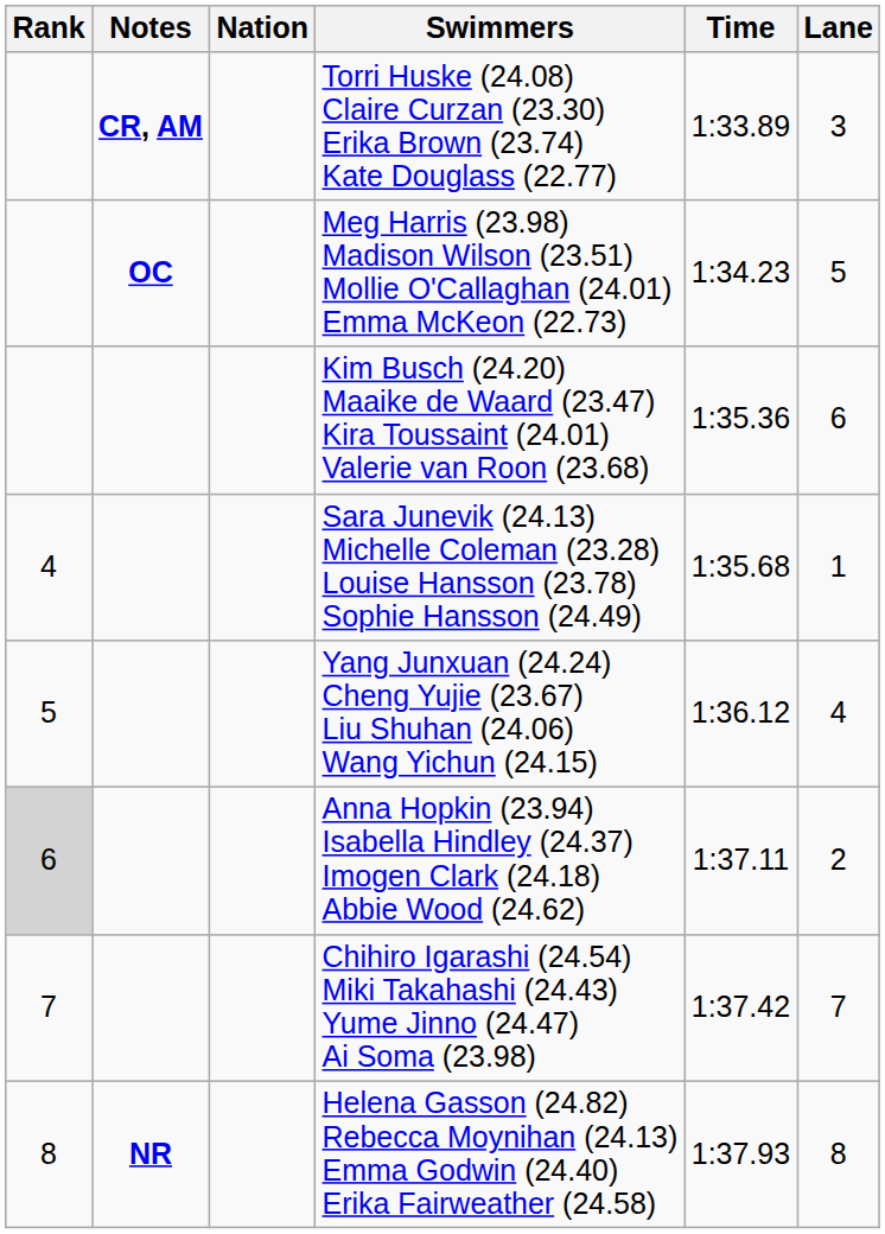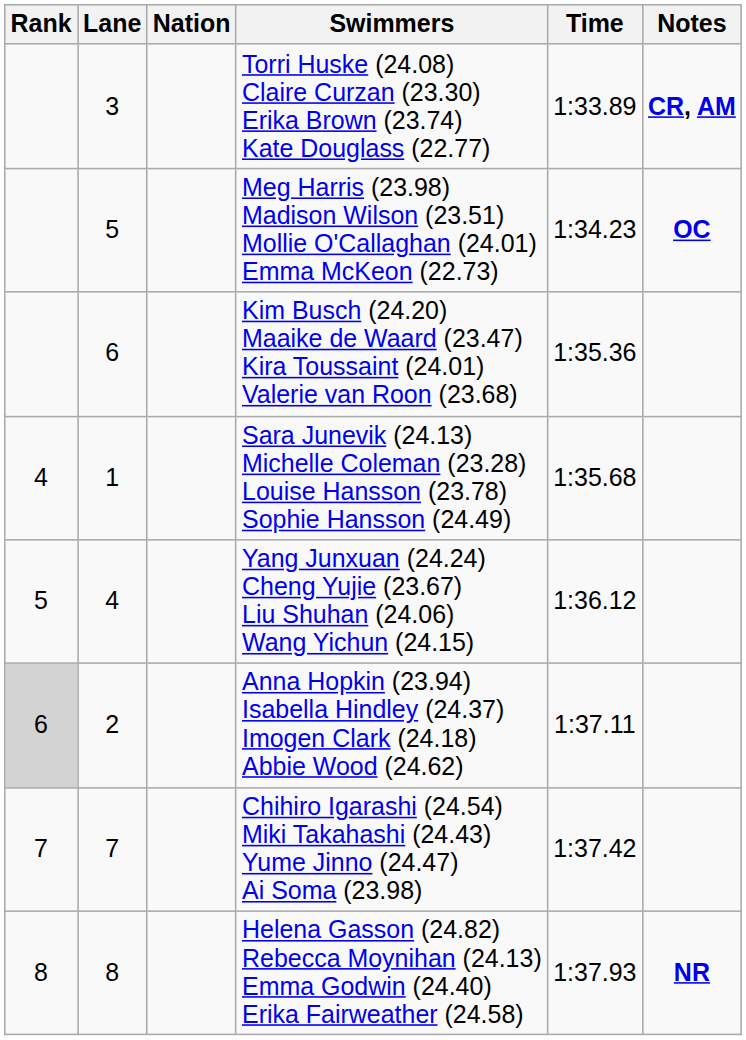 <table class="wikitable sortable" style="text-align:center">
 <tr>
 <th>Rank</th>
-<th>Notes</th>
+<th>Lane</th>
 <th>Nation</th>
 <th>Swimmers</th>
 <th>Time</th>
-<th>Lane</th>
+<th>Notes</th>
 </tr>
 <tr>
 <td></td>
-<td><strong><a href='#'>CR</a>, <a href='#'>AM</a></strong></td>
+<td>3</td>
 <td align=left></td>
 <td align=left><a href='#'>Torri Huske</a> (24.08)<br><a href='#'>Claire Curzan</a> (23.30)<br><a href='#'>Erika Brown</a> (23.74)<br><a href='#'>Kate Douglass</a> (22.77)</td>
 <td>1:33.89</td>
-<td>3</td>
+<td><strong><a href='#'>CR</a>, <a href='#'>AM</a></strong></td>
 </tr>
 <tr>
 <td></td>
-<td><strong><a href='#'>OC</a></strong></td>
+<td>5</td>
 <td align=left></td>
 <td align=left><a href='#'>Meg Harris</a> (23.98)<br><a href='#'>Madison Wilson</a> (23.51)<br><a href='#'>Mollie O'Callaghan</a> (24.01)<br><a href='#'>Emma McKeon</a> (22.73)</td>
 <td>1:34.23</td>
-<td>5</td>
+<td><strong><a href='#'>OC</a></strong></td>
 </tr>
 <tr>
 <td></td>
-<td></td>
+<td>6</td>
 <td align=left></td>
 <td align=left><a href='#'>Kim Busch</a> (24.20)<br><a href='#'>Maaike de Waard</a> (23.47)<br><a href='#'>Kira Toussaint</a> (24.01)<br><a href='#'>Valerie van Roon</a> (23.68)</td>
 <td>1:35.36</td>
-<td>6</td>
+<td></td>
 </tr>
 <tr>
 <td>4</td>
-<td></td>
+<td>1</td>
 <td align=left></td>
 <td align=left><a href='#'>Sara Junevik</a> (24.13)<br><a href='#'>Michelle Coleman</a> (23.28)<br><a href='#'>Louise Hansson</a> (23.78)<br><a href='#'>Sophie Hansson</a> (24.49)</td>
 <td>1:35.68</td>
-<td>1</td>
+<td></td>
 </tr>
 <tr>
 <td>5</td>
-<td></td>
+<td>4</td>
 <td align=left></td>
 <td align=left><a href='#'>Yang Junxuan</a> (24.24)<br><a href='#'>Cheng Yujie</a> (23.67)<br><a href='#'>Liu Shuhan</a> (24.06)<br><a href='#'>Wang Yichun</a> (24.15)</td>
 <td>1:36.12</td>
-<td>4</td>
+<td></td>
 </tr>
 <tr>
 <td style="background: lightgrey;">6</td>
-<td></td>
+<td>2</td>
 <td align=left></td>
 <td align=left><a href='#'>Anna Hopkin</a> (23.94)<br><a href='#'>Isabella Hindley</a> (24.37)<br><a href='#'>Imogen Clark</a> (24.18)<br><a href='#'>Abbie Wood</a> (24.62)</td>
 <td>1:37.11</td>
-<td>2</td>
+<td></td>
 </tr>
 <tr>
 <td>7</td>
-<td></td>
+<td>7</td>
 <td align=left></td>
 <td align=left><a href='#'>Chihiro Igarashi</a> (24.54)<br><a href='#'>Miki Takahashi</a> (24.43)<br><a href='#'>Yume Jinno</a> (24.47)<br><a href='#'>Ai Soma</a> (23.98)</td>
 <td>1:37.42</td>
-<td>7</td>
+<td></td>
 </tr>
 <tr>
 <td>8</td>
-<td><strong><a href='#'>NR</a></strong></td>
+<td>8</td>
 <td align=left></td>
 <td align=left><a href='#'>Helena Gasson</a> (24.82)<br><a href='#'>Rebecca Moynihan</a> (24.13)<br><a href='#'>Emma Godwin</a> (24.40)<br><a href='#'>Erika Fairweather</a> (24.58)</td>
 <td>1:37.93</td>
-<td>8</td>
+<td><strong><a href='#'>NR</a></strong></td>
 </tr>
 </table>
